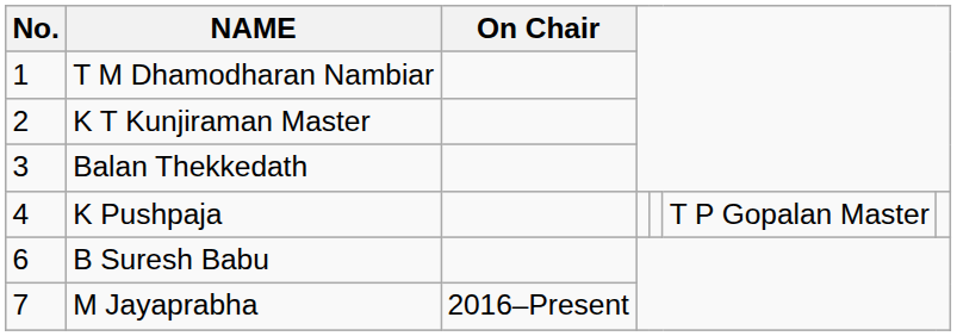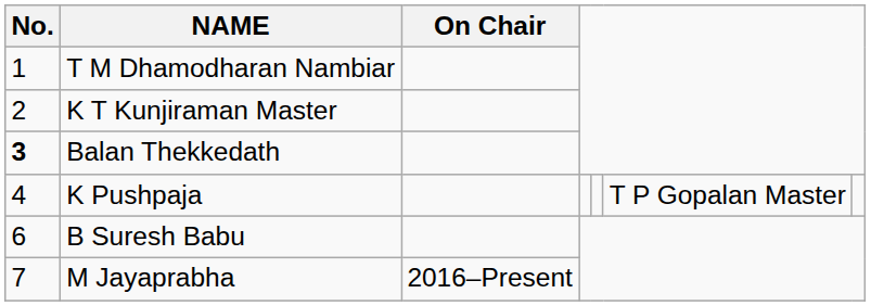 <table class="wikitable">
 <tr>
 <th>No.</th>
 <th>NAME</th>
 <th>On Chair</th>
 </tr>
 <tr>
 <td>1</td>
 <td>T M Dhamodharan Nambiar</td>
 <td></td>
 </tr>
 <tr>
 <td>2</td>
 <td>K T Kunjiraman Master</td>
 <td></td>
 </tr>
 <tr>
-<td>3</td>
+<td><strong>3</strong></td>
 <td>Balan Thekkedath</td>
 <td></td>
 </tr>
 <tr>
 <td>4</td>
 <td>K Pushpaja</td>
 <td></td>
 <td></td>
 <td></td>
 <td>T P Gopalan Master</td>
 <td></td>
 </tr>
 <tr>
 <td>6</td>
 <td>B Suresh Babu</td>
 <td></td>
 </tr>
 <tr>
 <td>7</td>
 <td>M Jayaprabha</td>
 <td>2016–Present</td>
 </tr>
 </table>
